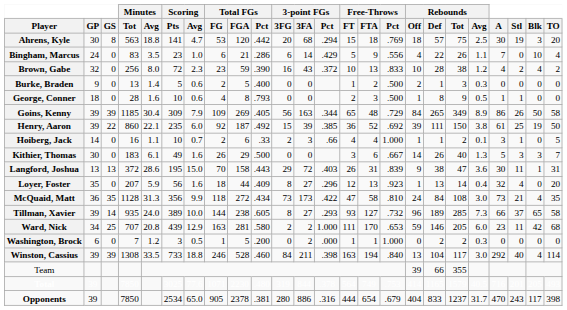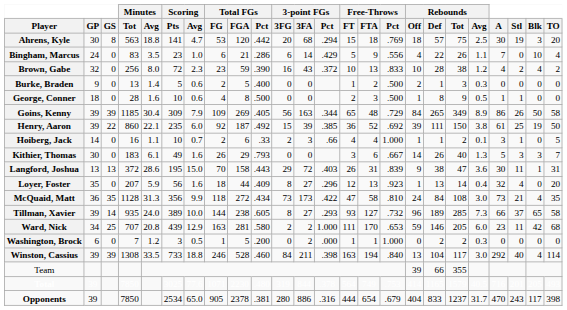 <table class="wikitable sortable" style="font-size:70%;">
 <tr>
 <th colspan="3" style="border-top-style:hidden; border-left-style:hidden; background: white;"></th>
 <th colspan="2" style="background:#">Minutes</th>
 <th colspan="2" style="background:#">Scoring</th>
 <th colspan="3" style="background:#">Total FGs</th>
 <th colspan="3" style="background:#">3-point FGs</th>
 <th colspan="3" style="background:#">Free-Throws</th>
 <th colspan="4" style="background:#">Rebounds</th>
 <th colspan="4" style="border-top-style:hidden; border-right-style:hidden; background: white;"></th>
 </tr>
 <tr>
 <th scope="col" style="background:#">Player</th>
 <th scope="col" style="background:#">GP</th>
 <th scope="col" style="background:#">GS</th>
 <th scope="col" style="background:#">Tot</th>
 <th scope="col" style="background:#">Avg</th>
 <th scope="col" style="background:#">Pts</th>
 <th scope="col" style="background:#">Avg</th>
 <th scope="col" style="background:#">FG</th>
 <th scope="col" style="background:#">FGA</th>
 <th scope="col" style="background:#">Pct</th>
 <th scope="col" style="background:#">3FG</th>
 <th scope="col" style="background:#">3FA</th>
 <th scope="col" style="background:#">Pct</th>
 <th scope="col" style="background:#">FT</th>
 <th scope="col" style="background:#">FTA</th>
 <th scope="col" style="background:#">Pct</th>
 <th scope="col" style="background:#">Off</th>
 <th scope="col" style="background:#">Def</th>
 <th scope="col" style="background:#">Tot</th>
 <th scope="col" style="background:#">Avg</th>
 <th scope="col" style="background:#">A</th>
 <th scope="col" style="background:#">Stl</th>
 <th scope="col" style="background:#">Blk</th>
 <th scope="col" style="background:#">TO</th>
 </tr>
 <tr>
 <th style=white-space:nowrap>Ahrens, Kyle</th>
 <td style="text-align:right;">30</td>
 <td style="text-align:right;">8</td>
 <td style="text-align:right;">563</td>
 <td style="text-align:right;">18.8</td>
 <td style="text-align:right;">141</td>
 <td style="text-align:right;">4.7</td>
 <td style="text-align:right;">53</td>
 <td style="text-align:right;">120</td>
 <td style="text-align:right;">.442</td>
 <td style="text-align:right;">20</td>
 <td style="text-align:right;">68</td>
 <td style="text-align:right;">.294</td>
 <td style="text-align:right;">15</td>
 <td style="text-align:right;">18</td>
 <td style="text-align:right;">.769</td>
 <td style="text-align:right;">18</td>
 <td style="text-align:right;">57</td>
 <td style="text-align:right;">75</td>
 <td style="text-align:right;">2.5</td>
 <td style="text-align:right;">30</td>
 <td style="text-align:right;">19</td>
 <td style="text-align:right;">3</td>
 <td style="text-align:right;">20</td>
 </tr>
 <tr>
 <th style=white-space:nowrap>Bingham, Marcus</th>
 <td style="text-align:right;">24</td>
 <td style="text-align:right;">0</td>
 <td style="text-align:right;">83</td>
 <td style="text-align:right;">3.5</td>
 <td style="text-align:right;">23</td>
 <td style="text-align:right;">1.0</td>
 <td style="text-align:right;">6</td>
 <td style="text-align:right;">21</td>
 <td style="text-align:right;">.286</td>
 <td style="text-align:right;">6</td>
 <td style="text-align:right;">14</td>
 <td style="text-align:right;">.429</td>
 <td style="text-align:right;">5</td>
 <td style="text-align:right;">9</td>
 <td style="text-align:right;">.556</td>
 <td style="text-align:right;">4</td>
 <td style="text-align:right;">22</td>
 <td style="text-align:right;">26</td>
 <td style="text-align:right;">1.1</td>
 <td style="text-align:right;">7</td>
 <td style="text-align:right;">0</td>
 <td style="text-align:right;">10</td>
 <td style="text-align:right;">4</td>
 </tr>
 <tr>
 <th style=white-space:nowrap>Brown, Gabe</th>
 <td style="text-align:right;">32</td>
 <td style="text-align:right;">0</td>
 <td style="text-align:right;">256</td>
 <td style="text-align:right;">8.0</td>
 <td style="text-align:right;">72</td>
 <td style="text-align:right;">2.3</td>
 <td style="text-align:right;">23</td>
 <td style="text-align:right;">59</td>
 <td style="text-align:right;">.390</td>
 <td style="text-align:right;">16</td>
 <td style="text-align:right;">43</td>
 <td style="text-align:right;">.372</td>
 <td style="text-align:right;">10</td>
 <td style="text-align:right;">13</td>
 <td style="text-align:right;">.833</td>
 <td style="text-align:right;">10</td>
 <td style="text-align:right;">28</td>
 <td style="text-align:right;">38</td>
 <td style="text-align:right;">1.2</td>
 <td style="text-align:right;">4</td>
 <td style="text-align:right;">2</td>
 <td style="text-align:right;">4</td>
 <td style="text-align:right;">2</td>
 </tr>
 <tr>
 <th style=white-space:nowrap>Burke, Braden</th>
 <td style="text-align:right;">9</td>
 <td style="text-align:right;">0</td>
 <td style="text-align:right;">13</td>
 <td style="text-align:right;">1.4</td>
 <td style="text-align:right;">5</td>
 <td style="text-align:right;">0.6</td>
 <td style="text-align:right;">2</td>
 <td style="text-align:right;">5</td>
 <td style="text-align:right;">.400</td>
 <td style="text-align:right;">0</td>
 <td style="text-align:right;">0</td>
 <td style="text-align:right;"></td>
 <td style="text-align:right;">1</td>
 <td style="text-align:right;">2</td>
 <td style="text-align:right;">.500</td>
 <td style="text-align:right;">2</td>
 <td style="text-align:right;">1</td>
 <td style="text-align:right;">3</td>
 <td style="text-align:right;">0.3</td>
 <td style="text-align:right;">0</td>
 <td style="text-align:right;">0</td>
 <td style="text-align:right;">0</td>
 <td style="text-align:right;">0</td>
 </tr>
 <tr>
 <th style=white-space:nowrap>George, Conner</th>
 <td style="text-align:right;">18</td>
 <td style="text-align:right;">0</td>
 <td style="text-align:right;">28</td>
 <td style="text-align:right;">1.6</td>
 <td style="text-align:right;">10</td>
 <td style="text-align:right;">0.6</td>
 <td style="text-align:right;">4</td>
 <td style="text-align:right;">8</td>
-<td style="text-align:right;">.793</td>
+<td style="text-align:right;">.500</td>
 <td style="text-align:right;">0</td>
 <td style="text-align:right;">0</td>
 <td style="text-align:right;"></td>
 <td style="text-align:right;">2</td>
 <td style="text-align:right;">3</td>
 <td style="text-align:right;">.500</td>
 <td style="text-align:right;">1</td>
 <td style="text-align:right;">8</td>
 <td style="text-align:right;">9</td>
 <td style="text-align:right;">0.5</td>
 <td style="text-align:right;">1</td>
 <td style="text-align:right;">1</td>
 <td style="text-align:right;">0</td>
 <td style="text-align:right;">0</td>
 </tr>
 <tr>
 <th style=white-space:nowrap>Goins, Kenny</th>
 <td style="text-align:right;">39</td>
 <td style="text-align:right;">39</td>
 <td style="text-align:right;">1185</td>
 <td style="text-align:right;">30.4</td>
 <td style="text-align:right;">309</td>
 <td style="text-align:right;">7.9</td>
 <td style="text-align:right;">109</td>
 <td style="text-align:right;">269</td>
 <td style="text-align:right;">.405</td>
 <td style="text-align:right;">56</td>
 <td style="text-align:right;">163</td>
 <td style="text-align:right;">.344</td>
 <td style="text-align:right;">65</td>
 <td style="text-align:right;">48</td>
 <td style="text-align:right;">.729</td>
 <td style="text-align:right;">84</td>
 <td style="text-align:right;">265</td>
 <td style="text-align:right;">349</td>
 <td style="text-align:right;">8.9</td>
 <td style="text-align:right;">86</td>
 <td style="text-align:right;">26</td>
 <td style="text-align:right;">50</td>
 <td style="text-align:right;">58</td>
 </tr>
 <tr>
 <th style=white-space:nowrap>Henry, Aaron</th>
 <td style="text-align:right;">39</td>
 <td style="text-align:right;">22</td>
 <td style="text-align:right;">860</td>
 <td style="text-align:right;">22.1</td>
 <td style="text-align:right;">235</td>
 <td style="text-align:right;">6.0</td>
 <td style="text-align:right;">92</td>
 <td style="text-align:right;">187</td>
 <td style="text-align:right;">.492</td>
 <td style="text-align:right;">15</td>
 <td style="text-align:right;">39</td>
 <td style="text-align:right;">.385</td>
 <td style="text-align:right;">36</td>
 <td style="text-align:right;">52</td>
 <td style="text-align:right;">.692</td>
 <td style="text-align:right;">39</td>
 <td style="text-align:right;">111</td>
 <td style="text-align:right;">150</td>
 <td style="text-align:right;">3.8</td>
 <td style="text-align:right;">61</td>
 <td style="text-align:right;">25</td>
 <td style="text-align:right;">19</td>
 <td style="text-align:right;">50</td>
 </tr>
 <tr>
 <th style=white-space:nowrap>Hoiberg, Jack</th>
 <td style="text-align:right;">14</td>
 <td style="text-align:right;">0</td>
 <td style="text-align:right;">16</td>
 <td style="text-align:right;">1.1</td>
 <td style="text-align:right;">10</td>
 <td style="text-align:right;">0.7</td>
 <td style="text-align:right;">2</td>
 <td style="text-align:right;">6</td>
 <td style="text-align:right;">.33</td>
 <td style="text-align:right;">2</td>
 <td style="text-align:right;">3</td>
 <td style="text-align:right;">.66</td>
 <td style="text-align:right;">4</td>
 <td style="text-align:right;">4</td>
 <td style="text-align:right;">1.000</td>
 <td style="text-align:right;">1</td>
 <td style="text-align:right;">1</td>
 <td style="text-align:right;">2</td>
 <td style="text-align:right;">0.1</td>
 <td style="text-align:right;">3</td>
 <td style="text-align:right;">1</td>
 <td style="text-align:right;">0</td>
 <td style="text-align:right;">5</td>
 </tr>
 <tr>
 <th style=white-space:nowrap>Kithier, Thomas</th>
 <td style="text-align:right;">30</td>
 <td style="text-align:right;">0</td>
 <td style="text-align:right;">183</td>
 <td style="text-align:right;">6.1</td>
 <td style="text-align:right;">49</td>
 <td style="text-align:right;">1.6</td>
 <td style="text-align:right;">26</td>
 <td style="text-align:right;">29</td>
-<td style="text-align:right;">.500</td>
+<td style="text-align:right;">.793</td>
 <td style="text-align:right;">0</td>
 <td style="text-align:right;">0</td>
 <td style="text-align:right;"></td>
 <td style="text-align:right;">3</td>
 <td style="text-align:right;">6</td>
 <td style="text-align:right;">.667</td>
 <td style="text-align:right;">14</td>
 <td style="text-align:right;">26</td>
 <td style="text-align:right;">40</td>
 <td style="text-align:right;">1.3</td>
 <td style="text-align:right;">5</td>
 <td style="text-align:right;">3</td>
 <td style="text-align:right;">3</td>
 <td style="text-align:right;">7</td>
 </tr>
 <tr>
 <th style=white-space:nowrap>Langford, Joshua</th>
 <td style="text-align:right;">13</td>
 <td style="text-align:right;">13</td>
 <td style="text-align:right;">372</td>
 <td style="text-align:right;">28.6</td>
 <td style="text-align:right;">195</td>
 <td style="text-align:right;">15.0</td>
 <td style="text-align:right;">70</td>
 <td style="text-align:right;">158</td>
 <td style="text-align:right;">.443</td>
 <td style="text-align:right;">29</td>
 <td style="text-align:right;">72</td>
 <td style="text-align:right;">.403</td>
 <td style="text-align:right;">26</td>
 <td style="text-align:right;">31</td>
 <td style="text-align:right;">.839</td>
 <td style="text-align:right;">9</td>
 <td style="text-align:right;">38</td>
 <td style="text-align:right;">47</td>
 <td style="text-align:right;">3.6</td>
 <td style="text-align:right;">30</td>
 <td style="text-align:right;">11</td>
 <td style="text-align:right;">1</td>
 <td style="text-align:right;">31</td>
 </tr>
 <tr>
 <th style=white-space:nowrap>Loyer, Foster</th>
 <td style="text-align:right;">35</td>
 <td style="text-align:right;">0</td>
 <td style="text-align:right;">207</td>
 <td style="text-align:right;">5.9</td>
 <td style="text-align:right;">56</td>
 <td style="text-align:right;">1.6</td>
 <td style="text-align:right;">18</td>
 <td style="text-align:right;">44</td>
 <td style="text-align:right;">.409</td>
 <td style="text-align:right;">8</td>
 <td style="text-align:right;">27</td>
 <td style="text-align:right;">.296</td>
 <td style="text-align:right;">12</td>
 <td style="text-align:right;">13</td>
 <td style="text-align:right;">.923</td>
 <td style="text-align:right;">1</td>
 <td style="text-align:right;">13</td>
 <td style="text-align:right;">14</td>
 <td style="text-align:right;">0.4</td>
 <td style="text-align:right;">32</td>
 <td style="text-align:right;">4</td>
 <td style="text-align:right;">0</td>
 <td style="text-align:right;">20</td>
 </tr>
 <tr>
 <th style=white-space:nowrap>McQuaid, Matt</th>
 <td style="text-align:right;">36</td>
 <td style="text-align:right;">35</td>
 <td style="text-align:right;">1128</td>
 <td style="text-align:right;">31.3</td>
 <td style="text-align:right;">356</td>
 <td style="text-align:right;">9.9</td>
 <td style="text-align:right;">118</td>
 <td style="text-align:right;">272</td>
 <td style="text-align:right;">.434</td>
 <td style="text-align:right;">73</td>
 <td style="text-align:right;">173</td>
 <td style="text-align:right;">.422</td>
 <td style="text-align:right;">47</td>
 <td style="text-align:right;">58</td>
 <td style="text-align:right;">.810</td>
 <td style="text-align:right;">24</td>
 <td style="text-align:right;">84</td>
 <td style="text-align:right;">108</td>
 <td style="text-align:right;">3.0</td>
 <td style="text-align:right;">73</td>
 <td style="text-align:right;">21</td>
 <td style="text-align:right;">4</td>
 <td style="text-align:right;">35</td>
 </tr>
 <tr>
 <th style=white-space:nowrap>Tillman, Xavier</th>
 <td style="text-align:right;">39</td>
 <td style="text-align:right;">14</td>
 <td style="text-align:right;">935</td>
 <td style="text-align:right;">24.0</td>
 <td style="text-align:right;">389</td>
 <td style="text-align:right;">10.0</td>
 <td style="text-align:right;">144</td>
 <td style="text-align:right;">238</td>
 <td style="text-align:right;">.605</td>
 <td style="text-align:right;">8</td>
 <td style="text-align:right;">27</td>
 <td style="text-align:right;">.293</td>
 <td style="text-align:right;">93</td>
 <td style="text-align:right;">127</td>
 <td style="text-align:right;">.732</td>
 <td style="text-align:right;">96</td>
 <td style="text-align:right;">189</td>
 <td style="text-align:right;">285</td>
 <td style="text-align:right;">7.3</td>
 <td style="text-align:right;">66</td>
 <td style="text-align:right;">37</td>
 <td style="text-align:right;">65</td>
 <td style="text-align:right;">58</td>
 </tr>
 <tr>
 <th style=white-space:nowrap>Ward, Nick</th>
 <td style="text-align:right;">34</td>
 <td style="text-align:right;">25</td>
 <td style="text-align:right;">707</td>
 <td style="text-align:right;">20.8</td>
 <td style="text-align:right;">439</td>
 <td style="text-align:right;">12.9</td>
 <td style="text-align:right;">163</td>
 <td style="text-align:right;">281</td>
 <td style="text-align:right;">.580</td>
 <td style="text-align:right;">2</td>
 <td style="text-align:right;">2</td>
 <td style="text-align:right;">1.000</td>
 <td style="text-align:right;">111</td>
 <td style="text-align:right;">170</td>
 <td style="text-align:right;">.653</td>
 <td style="text-align:right;">59</td>
 <td style="text-align:right;">146</td>
 <td style="text-align:right;">205</td>
 <td style="text-align:right;">6.0</td>
 <td style="text-align:right;">23</td>
 <td style="text-align:right;">11</td>
 <td style="text-align:right;">42</td>
 <td style="text-align:right;">68</td>
 </tr>
 <tr>
 <th style=white-space:nowrap>Washington, Brock</th>
 <td style="text-align:right;">6</td>
 <td style="text-align:right;">0</td>
 <td style="text-align:right;">7</td>
 <td style="text-align:right;">1.2</td>
 <td style="text-align:right;">3</td>
 <td style="text-align:right;">0.5</td>
 <td style="text-align:right;">1</td>
 <td style="text-align:right;">5</td>
 <td style="text-align:right;">.200</td>
 <td style="text-align:right;">0</td>
 <td style="text-align:right;">2</td>
 <td style="text-align:right;">.000</td>
 <td style="text-align:right;">1</td>
 <td style="text-align:right;">1</td>
 <td style="text-align:right;">1.000</td>
 <td style="text-align:right;">0</td>
 <td style="text-align:right;">2</td>
 <td style="text-align:right;">2</td>
 <td style="text-align:right;">0.3</td>
 <td style="text-align:right;">0</td>
 <td style="text-align:right;">0</td>
 <td style="text-align:right;">0</td>
 <td style="text-align:right;">0</td>
 </tr>
 <tr>
 <th style=white-space:nowrap>Winston, Cassius</th>
 <td style="text-align:right;">39</td>
 <td style="text-align:right;">39</td>
 <td style="text-align:right;">1308</td>
 <td style="text-align:right;">33.5</td>
 <td style="text-align:right;">733</td>
 <td style="text-align:right;">18.8</td>
 <td style="text-align:right;">246</td>
 <td style="text-align:right;">528</td>
 <td style="text-align:right;">.460</td>
 <td style="text-align:right;">84</td>
 <td style="text-align:right;">211</td>
 <td style="text-align:right;">.398</td>
 <td style="text-align:right;">163</td>
 <td style="text-align:right;">194</td>
 <td style="text-align:right;">.840</td>
 <td style="text-align:right;">13</td>
 <td style="text-align:right;">104</td>
 <td style="text-align:right;">117</td>
 <td style="text-align:right;">3.0</td>
 <td style="text-align:right;">292</td>
 <td style="text-align:right;">40</td>
 <td style="text-align:right;">4</td>
 <td style="text-align:right;">114</td>
 </tr>
 <tr class="sortbottom">
 <td style="text-align:center;">Team</td>
 <td style="text-align:right;"></td>
 <td style="text-align:right;"></td>
 <td style="text-align:right;"></td>
 <td style="text-align:right; border-right-style:hidden;"></td>
 <td style="text-align:right; border-right-style:hidden;"></td>
 <td style="text-align:right; border-right-style:hidden;"></td>
 <td style="text-align:right; border-right-style:hidden;"></td>
 <td style="text-align:right; border-right-style:hidden;"></td>
 <td style="text-align:right; border-right-style:hidden;"></td>
 <td style="text-align:right; border-right-style:hidden;"></td>
 <td style="text-align:right; border-right-style:hidden;"></td>
 <td style="text-align:right; border-right-style:hidden;"></td>
 <td style="text-align:right; border-right-style:hidden;"></td>
 <td style="text-align:right; border-right-style:hidden;"></td>
 <td style="text-align:right;"></td>
 <td style="text-align:right;">39</td>
 <td style="text-align:right;">66</td>
 <td style="text-align:right;">355</td>
 <td style="text-align:right;"></td>
 <td style="text-align:right; border-right-style:hidden;"></td>
 <td style="text-align:right;"></td>
 <td style="text-align:right; border-right-style:hidden;"></td>
 <td style="text-align:right;"></td>
 </tr>
 <tr class="sortbottom" style="color:#ffffff;" style="background:#">
 <td style="text-align:center;color:#ffffff;"><strong>Total</strong></td>
 <td style="text-align:center; color:#fff;">39</td>
 <td align="center" style="background:#"></td>
 <td align="center" style="background:#">7850</td>
 <td align="center" style="background:#"></td>
 <td align="center" style="background:#">3025</td>
 <td align="center" style="background:#">77.6</td>
 <td align="center" style="background:#">1071</td>
 <td align="center" style="background:#">2230</td>
 <td align="center" style="background:#">.480</td>
 <td align="center" style="background:#">319</td>
 <td align="center" style="background:#">844</td>
 <td align="center" style="background:#">.378</td>
 <td align="center" style="background:#">564</td>
 <td align="center" style="background:#">749</td>
 <td align="center" style="background:#">.753</td>
 <td align="center" style="background:#">414</td>
 <td align="center" style="background:#">1165</td>
 <td align="center" style="background:#">1579</td>
 <td align="center" style="background:#">40.5</td>
 <td align="center" style="background:#">716</td>
 <td align="center" style="background:#">201</td>
 <td align="center" style="background:#">205</td>
 <td align="center" style="background:#">493</td>
 </tr>
 <tr class="sortbottom" style="text-align:center;">
 <td><strong>Opponents</strong></td>
 <td>39</td>
 <td style="text-align:center;"></td>
 <td>7850</td>
 <td style="text-align:center;"></td>
 <td>2534</td>
 <td>65.0</td>
 <td>905</td>
 <td>2378</td>
 <td>.381</td>
 <td>280</td>
 <td>886</td>
 <td>.316</td>
 <td>444</td>
 <td>654</td>
 <td>.679</td>
 <td>404</td>
 <td>833</td>
 <td>1237</td>
 <td>31.7</td>
 <td>470</td>
 <td>243</td>
 <td>117</td>
 <td>398</td>
 </tr>
 </table>
